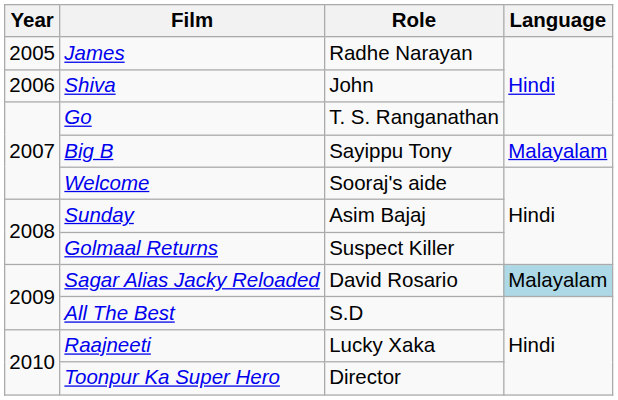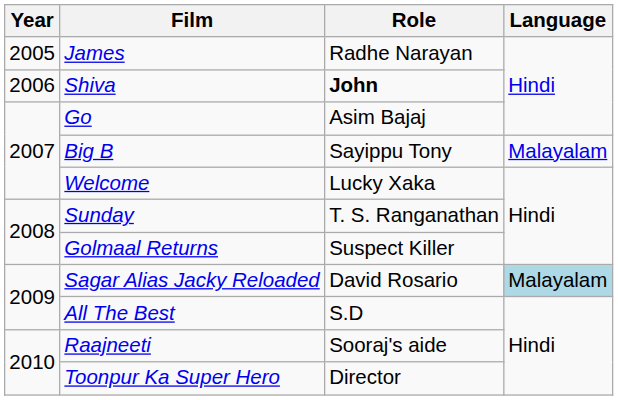 <table class="wikitable sortable">
 <tr>
 <th>Year</th>
 <th>Film</th>
 <th>Role</th>
 <th>Language</th>
 </tr>
 <tr>
 <td>2005</td>
 <td><em><a href='#'>James</a></em></td>
 <td>Radhe Narayan</td>
 <td rowspan =3><a href='#'>Hindi</a></td>
 </tr>
 <tr>
 <td>2006</td>
 <td><em><a href='#'>Shiva</a></em></td>
-<td>John</td>
+<td><strong>John</strong></td>
 </tr>
 <tr>
 <td rowspan="3">2007</td>
 <td><em><a href='#'>Go</a></em></td>
-<td>T. S. Ranganathan</td>
+<td>Asim Bajaj</td>
 </tr>
 <tr>
 <td><em><a href='#'>Big B</a></em></td>
 <td>Sayippu Tony</td>
 <td><a href='#'>Malayalam</a></td>
 </tr>
 <tr>
 <td><em><a href='#'>Welcome</a></em></td>
-<td>Sooraj's aide</td>
+<td>Lucky Xaka</td>
 <td rowspan =3>Hindi</td>
 </tr>
 <tr>
 <td rowspan="2">2008</td>
 <td><em><a href='#'>Sunday</a></em></td>
-<td>Asim Bajaj</td>
+<td>T. S. Ranganathan</td>
 </tr>
 <tr>
 <td><em><a href='#'>Golmaal Returns</a></em></td>
 <td>Suspect Killer</td>
 </tr>
 <tr>
 <td rowspan="2">2009</td>
 <td><em><a href='#'>Sagar Alias Jacky Reloaded</a></em></td>
 <td>David Rosario</td>
 <td style="background: lightblue;">Malayalam</td>
 </tr>
 <tr>
 <td><em><a href='#'>All The Best</a></em></td>
 <td>S.D</td>
 <td rowspan =3>Hindi</td>
 </tr>
 <tr>
 <td rowspan="2">2010</td>
 <td><em><a href='#'>Raajneeti</a></em></td>
-<td>Lucky Xaka</td>
+<td>Sooraj's aide</td>
 </tr>
 <tr>
 <td><em><a href='#'>Toonpur Ka Super Hero</a></em></td>
 <td>Director</td>
 </tr>
 </table>
